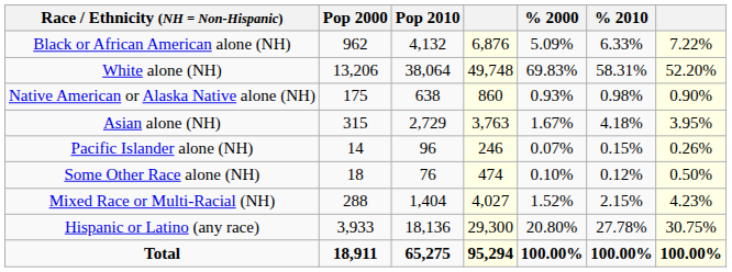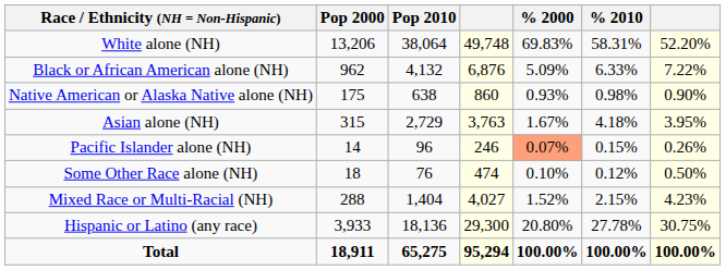 <table class="wikitable" style="text-align:center;">
 <tr>
 <th>Race / Ethnicity <small>(<em>NH = Non-Hispanic</em>)</small></th>
 <th>Pop 2000</th>
 <th>Pop 2010</th>
 <th></th>
 <th>% 2000</th>
 <th>% 2010</th>
 <th></th>
 </tr>
 <tr>
+<td><a href='#'>White</a> alone (NH)</td>
+<td>13,206</td>
+<td>38,064</td>
+<td style='background: #ffffe6;'>49,748</td>
+<td>69.83%</td>
+<td>58.31%</td>
+<td style='background: #ffffe6;'>52.20%</td>
+</tr>
+<tr>
 <td><a href='#'>Black or African American</a> alone (NH)</td>
 <td>962</td>
 <td>4,132</td>
 <td style='background: #ffffe6;'>6,876</td>
 <td>5.09%</td>
 <td>6.33%</td>
 <td style='background: #ffffe6;'>7.22%</td>
-</tr>
-<tr>
-<td><a href='#'>White</a> alone (NH)</td>
-<td>13,206</td>
-<td>38,064</td>
-<td style='background: #ffffe6;'>49,748</td>
-<td>69.83%</td>
-<td>58.31%</td>
-<td style='background: #ffffe6;'>52.20%</td>
 </tr>
 <tr>
 <td><a href='#'>Native American</a> or <a href='#'>Alaska Native</a> alone (NH)</td>
 <td>175</td>
 <td>638</td>
 <td style='background: #ffffe6;'>860</td>
 <td>0.93%</td>
 <td>0.98%</td>
 <td style='background: #ffffe6;'>0.90%</td>
 </tr>
 <tr>
 <td><a href='#'>Asian</a> alone (NH)</td>
 <td>315</td>
 <td>2,729</td>
 <td style='background: #ffffe6;'>3,763</td>
 <td>1.67%</td>
 <td>4.18%</td>
 <td style='background: #ffffe6;'>3.95%</td>
 </tr>
 <tr>
 <td><a href='#'>Pacific Islander</a> alone (NH)</td>
 <td>14</td>
 <td>96</td>
 <td style='background: #ffffe6;'>246</td>
-<td>0.07%</td>
+<td style="background: lightsalmon;">0.07%</td>
 <td>0.15%</td>
 <td style='background: #ffffe6;'>0.26%</td>
 </tr>
 <tr>
 <td><a href='#'>Some Other Race</a> alone (NH)</td>
 <td>18</td>
 <td>76</td>
 <td style='background: #ffffe6;'>474</td>
 <td>0.10%</td>
 <td>0.12%</td>
 <td style='background: #ffffe6;'>0.50%</td>
 </tr>
 <tr>
 <td><a href='#'>Mixed Race or Multi-Racial</a> (NH)</td>
 <td>288</td>
 <td>1,404</td>
 <td style='background: #ffffe6;'>4,027</td>
 <td>1.52%</td>
 <td>2.15%</td>
 <td style='background: #ffffe6;'>4.23%</td>
 </tr>
 <tr>
 <td><a href='#'>Hispanic or Latino</a> (any race)</td>
 <td>3,933</td>
 <td>18,136</td>
 <td style='background: #ffffe6;'>29,300</td>
 <td>20.80%</td>
 <td>27.78%</td>
 <td style='background: #ffffe6;'>30.75%</td>
 </tr>
 <tr>
 <td><strong>Total</strong></td>
 <td><strong>18,911</strong></td>
 <td><strong>65,275</strong></td>
 <td style='background: #ffffe6;'><strong>95,294</strong></td>
 <td><strong>100.00%</strong></td>
 <td><strong>100.00%</strong></td>
 <td style='background: #ffffe6;'><strong>100.00%</strong></td>
 </tr>
 </table>
